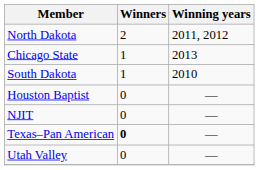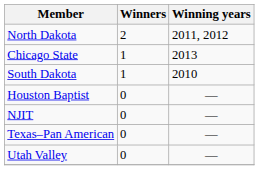 <table class="wikitable">
 <tr>
 <th>Member</th>
 <th>Winners</th>
 <th>Winning years</th>
 </tr>
 <tr>
 <td><a href='#'>North Dakota</a></td>
 <td>2</td>
 <td>2011, 2012</td>
 </tr>
 <tr>
 <td><a href='#'>Chicago State</a></td>
 <td>1</td>
 <td>2013</td>
 </tr>
 <tr>
 <td><a href='#'>South Dakota</a></td>
 <td>1</td>
 <td>2010</td>
 </tr>
 <tr>
 <td><a href='#'>Houston Baptist</a></td>
 <td>0</td>
 <td align=center>—</td>
 </tr>
 <tr>
 <td><a href='#'>NJIT</a></td>
 <td>0</td>
 <td align=center>—</td>
 </tr>
 <tr>
 <td><a href='#'>Texas–Pan American</a></td>
-<td><strong>0</strong></td>
+<td>0</td>
 <td align=center>—</td>
 </tr>
 <tr>
 <td><a href='#'>Utah Valley</a></td>
 <td>0</td>
 <td align=center>—</td>
 </tr>
 <tr>
 </tr>
 </table>
